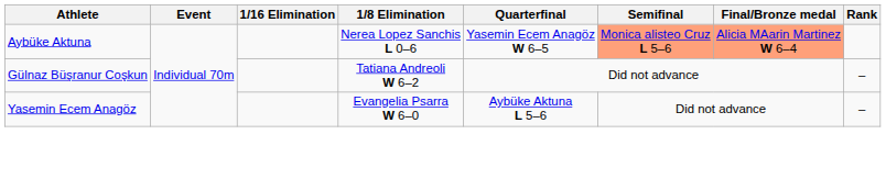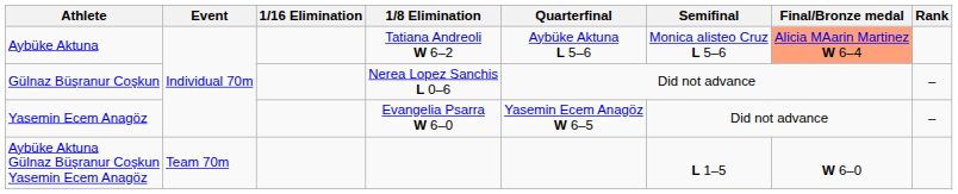 <table class=wikitable>
 <tr>
 <th>Athlete</th>
 <th>Event</th>
 <th>1/16 Elimination</th>
 <th>1/8 Elimination</th>
 <th>Quarterfinal</th>
 <th>Semifinal</th>
 <th>Final/Bronze medal</th>
 <th>Rank</th>
 </tr>
 <tr align=center>
 <td align=left><a href='#'>Aybüke Aktuna</a></td>
 <td align=left rowspan=3><a href='#'>Individual 70m</a></td>
 <td></td>
-<td> <a href='#'>Nerea Lopez Sanchis</a> <br><strong>L</strong> 0–6</td>
-<td> <a href='#'>Yasemin Ecem Anagöz</a> <br><strong>W</strong> 6–5</td>
-<td style="background: lightsalmon;"> <a href='#'>Monica alisteo Cruz</a> <br><strong>L</strong> 5–6</td>
+<td> <a href='#'>Tatiana Andreoli</a> <br><strong>W</strong> 6–2</td>
+<td> <a href='#'>Aybüke Aktuna</a> <br><strong>L</strong> 5–6</td>
+<td> <a href='#'>Monica alisteo Cruz</a> <br><strong>L</strong> 5–6</td>
 <td style="background: lightsalmon;"> <a href='#'>Alicia MAarin Martinez</a> <br><strong>W</strong> 6–4</td>
 <td></td>
 </tr>
 <tr align=center>
 <td align=left><a href='#'>Gülnaz Büşranur Coşkun</a></td>
 <td></td>
-<td> <a href='#'>Tatiana Andreoli</a> <br><strong>W</strong> 6–2</td>
+<td> <a href='#'>Nerea Lopez Sanchis</a> <br><strong>L</strong> 0–6</td>
 <td colspan=3>Did not advance</td>
 <td>–</td>
 </tr>
 <tr align=center>
 <td align=left><a href='#'>Yasemin Ecem Anagöz</a></td>
 <td></td>
 <td> <a href='#'>Evangelia Psarra</a> <br><strong>W</strong> 6–0</td>
-<td> <a href='#'>Aybüke Aktuna</a> <br><strong>L</strong> 5–6</td>
+<td> <a href='#'>Yasemin Ecem Anagöz</a> <br><strong>W</strong> 6–5</td>
 <td colspan=2>Did not advance</td>
 <td>–</td>
 </tr>
+<tr align=center>
+<td align=left><a href='#'>Aybüke Aktuna</a><br><a href='#'>Gülnaz Büşranur Coşkun</a><br><a href='#'>Yasemin Ecem Anagöz</a></td>
+<td align=left><a href='#'>Team 70m</a></td>
+<td></td>
+<td></td>
+<td></td>
+<td> <br><strong>L</strong> 1–5</td>
+<td> <br><strong>W</strong> 6–0</td>
+<td></td>
+</tr>
 </table>
